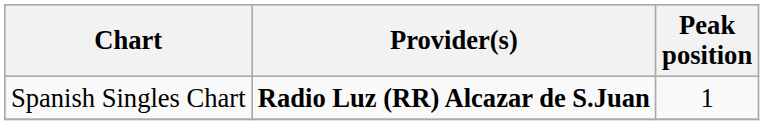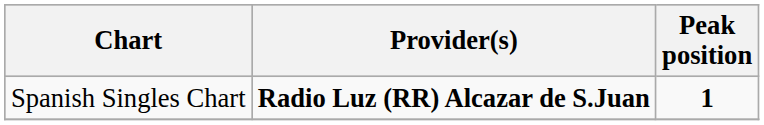 <table class="wikitable">
 <tr>
 <th align="center">Chart</th>
 <th align="center">Provider(s)</th>
 <th align="center">Peak<br>position</th>
 </tr>
 <tr>
 <td>Spanish Singles Chart</td>
 <td align="center"><strong>Radio Luz (RR) Alcazar de S.Juan</strong></td>
-<td align="center">1 </td>
+<td align="center"><strong>1 </strong></td>
 </tr>
 <tr>
 </tr>
 </table>
